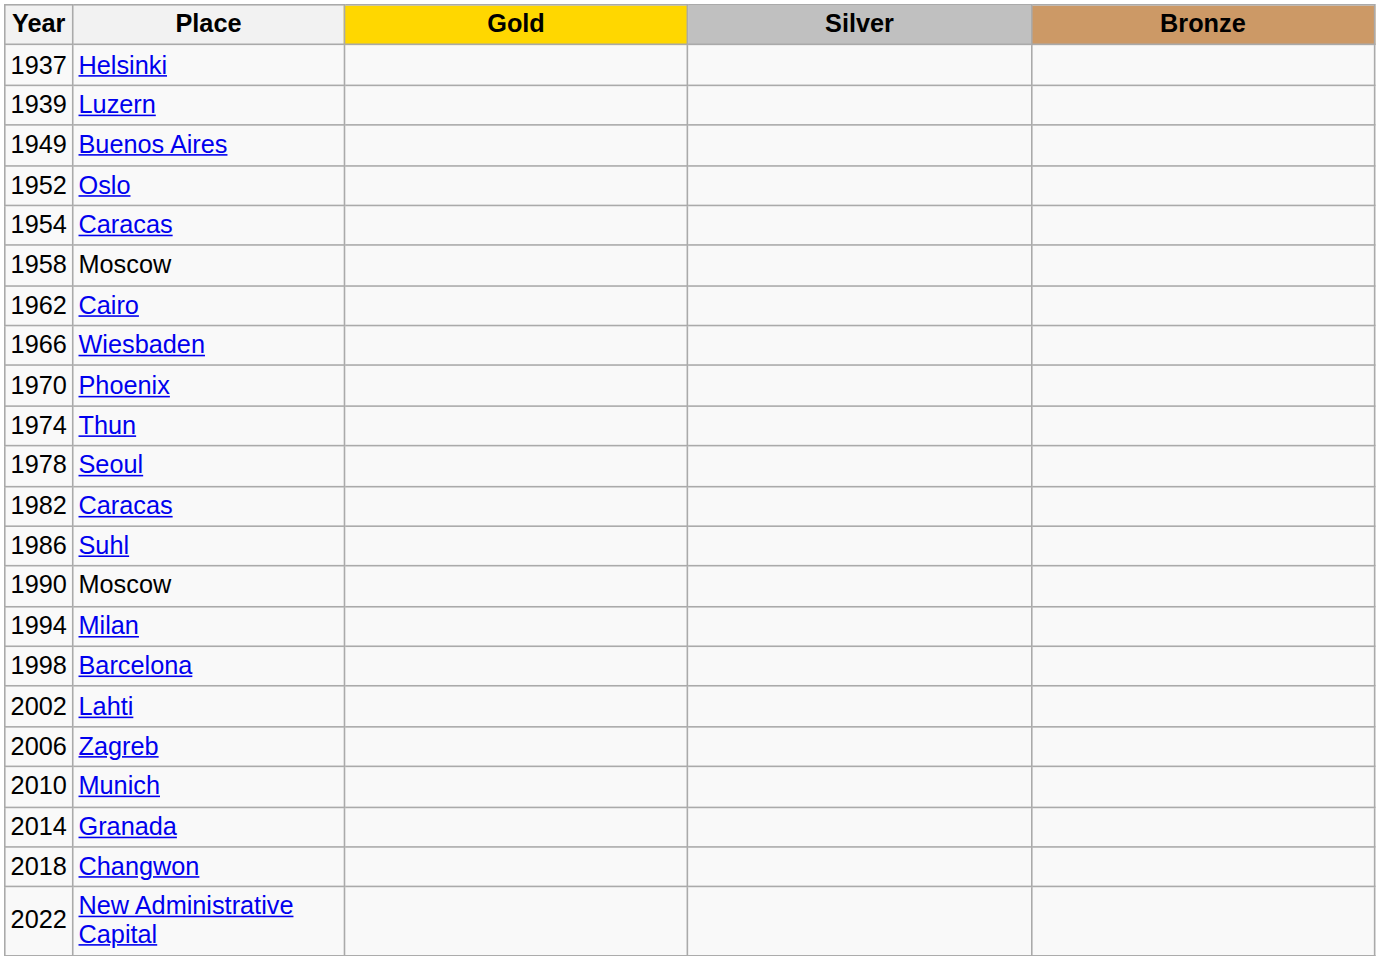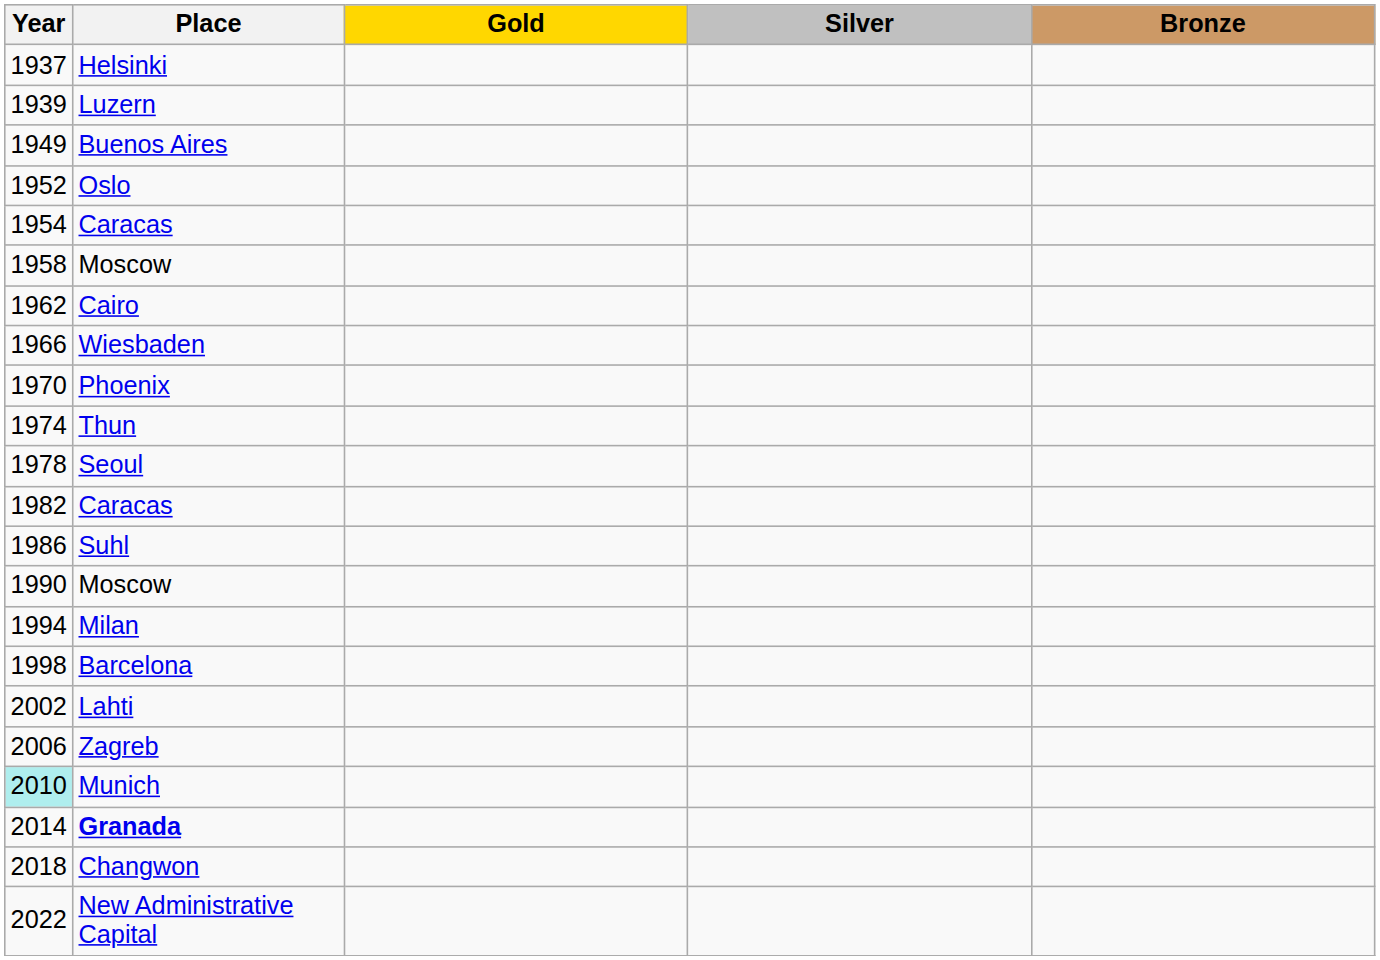 <table class="wikitable">
 <tr>
 <th>Year</th>
 <th>Place</th>
 <th style="background:gold"    width="210">Gold</th>
 <th style="background:silver"  width="210">Silver</th>
 <th style="background:#cc9966" width="210">Bronze</th>
 </tr>
 <tr>
 <td>1937</td>
 <td> <a href='#'>Helsinki</a></td>
 <td></td>
 <td></td>
 <td></td>
 </tr>
 <tr>
 <td>1939</td>
 <td> <a href='#'>Luzern</a></td>
 <td></td>
 <td></td>
 <td></td>
 </tr>
 <tr>
 <td>1949</td>
 <td> <a href='#'>Buenos Aires</a></td>
 <td></td>
 <td></td>
 <td></td>
 </tr>
 <tr>
 <td>1952</td>
 <td> <a href='#'>Oslo</a></td>
 <td></td>
 <td></td>
 <td></td>
 </tr>
 <tr>
 <td>1954</td>
 <td> <a href='#'>Caracas</a></td>
 <td></td>
 <td></td>
 <td></td>
 </tr>
 <tr>
 <td>1958</td>
 <td> Moscow</td>
 <td></td>
 <td></td>
 <td></td>
 </tr>
 <tr>
 <td>1962</td>
 <td> <a href='#'>Cairo</a></td>
 <td></td>
 <td></td>
 <td></td>
 </tr>
 <tr>
 <td>1966</td>
 <td> <a href='#'>Wiesbaden</a></td>
 <td></td>
 <td></td>
 <td></td>
 </tr>
 <tr>
 <td>1970</td>
 <td> <a href='#'>Phoenix</a></td>
 <td></td>
 <td></td>
 <td></td>
 </tr>
 <tr>
 <td>1974</td>
 <td> <a href='#'>Thun</a></td>
 <td></td>
 <td></td>
 <td></td>
 </tr>
 <tr>
 <td>1978</td>
 <td> <a href='#'>Seoul</a></td>
 <td></td>
 <td></td>
 <td></td>
 </tr>
 <tr>
 <td>1982</td>
 <td> <a href='#'>Caracas</a></td>
 <td></td>
 <td></td>
 <td></td>
 </tr>
 <tr>
 <td>1986</td>
 <td> <a href='#'>Suhl</a></td>
 <td></td>
 <td></td>
 <td></td>
 </tr>
 <tr>
 <td>1990</td>
 <td> Moscow</td>
 <td></td>
 <td></td>
 <td></td>
 </tr>
 <tr>
 <td>1994</td>
 <td> <a href='#'>Milan</a></td>
 <td></td>
 <td></td>
 <td></td>
 </tr>
 <tr>
 <td>1998</td>
 <td> <a href='#'>Barcelona</a></td>
 <td></td>
 <td></td>
 <td></td>
 </tr>
 <tr>
 <td>2002</td>
 <td> <a href='#'>Lahti</a></td>
 <td></td>
 <td></td>
 <td></td>
 </tr>
 <tr>
 <td>2006</td>
 <td> <a href='#'>Zagreb</a></td>
 <td></td>
 <td></td>
 <td></td>
 </tr>
 <tr>
-<td>2010</td>
+<td style="background: paleturquoise;">2010</td>
 <td> <a href='#'>Munich</a></td>
 <td></td>
 <td></td>
 <td></td>
 </tr>
 <tr>
 <td>2014</td>
-<td> <a href='#'>Granada</a></td>
+<td><strong> <a href='#'>Granada</a></strong></td>
 <td></td>
 <td></td>
 <td></td>
 </tr>
 <tr>
 <td>2018</td>
 <td> <a href='#'>Changwon</a></td>
 <td></td>
 <td></td>
 <td></td>
 </tr>
 <tr>
 <td>2022</td>
 <td> <a href='#'>New Administrative Capital</a></td>
 <td></td>
 <td></td>
 <td></td>
 </tr>
 <tr>
 </tr>
 </table>
